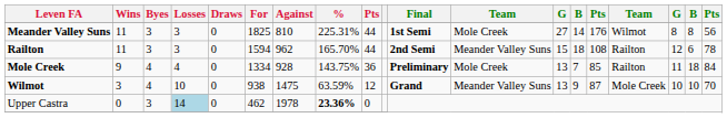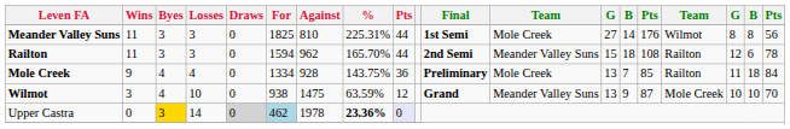 <table class="wikitable">
 <tr>
 <th style="color:crimson">Leven FA</th>
 <th style="color:crimson">Wins</th>
 <th style="color:crimson">Byes</th>
 <th style="color:crimson">Losses</th>
 <th style="color:crimson">Draws</th>
 <th style="color:crimson">For</th>
 <th style="color:crimson">Against</th>
 <th style="color:crimson">%</th>
 <th style="color:crimson">Pts</th>
 <th></th>
 <th style="color:green">Final</th>
 <th style="color:green">Team</th>
 <th style="color:green">G</th>
 <th style="color:green">B</th>
 <th style="color:green">Pts</th>
 <th style="color:green">Team</th>
 <th style="color:green">G</th>
 <th style="color:green">B</th>
 <th style="color:green">Pts</th>
 </tr>
 <tr>
 </tr>
 <tr>
 </tr>
 <tr>
 <td><strong>	Meander Valley Suns	</strong></td>
 <td>11</td>
 <td>3</td>
 <td>3</td>
 <td>0</td>
 <td>1825</td>
 <td>810</td>
 <td>225.31%</td>
 <td>44</td>
 <td></td>
 <td><strong>1st Semi</strong></td>
 <td>Mole Creek</td>
 <td>27</td>
 <td>14</td>
 <td>176</td>
 <td>Wilmot</td>
 <td>8</td>
 <td>8</td>
 <td>56</td>
 </tr>
 <tr>
 <td><strong>	Railton	</strong></td>
 <td>11</td>
 <td>3</td>
 <td>3</td>
 <td>0</td>
 <td>1594</td>
 <td>962</td>
 <td>165.70%</td>
 <td>44</td>
 <td></td>
 <td><strong>2nd Semi</strong></td>
 <td>Meander Valley Suns</td>
 <td>15</td>
 <td>18</td>
 <td>108</td>
 <td>Railton</td>
 <td>12</td>
 <td>6</td>
 <td>78</td>
 </tr>
 <tr>
 <td><strong>	Mole Creek	</strong></td>
 <td>9</td>
 <td>4</td>
 <td>4</td>
 <td>0</td>
 <td>1334</td>
 <td>928</td>
 <td>143.75%</td>
 <td>36</td>
 <td></td>
 <td><strong>Preliminary</strong></td>
 <td>Mole Creek</td>
 <td>13</td>
 <td>7</td>
 <td>85</td>
 <td>Railton</td>
 <td>11</td>
 <td>18</td>
 <td>84</td>
 </tr>
 <tr>
 <td><strong>	Wilmot	</strong></td>
 <td>3</td>
 <td>4</td>
 <td>10</td>
 <td>0</td>
 <td>938</td>
 <td>1475</td>
 <td>63.59%</td>
 <td>12</td>
 <td></td>
 <td><strong>Grand</strong></td>
 <td>Meander Valley Suns</td>
 <td>13</td>
 <td>9</td>
 <td>87</td>
 <td>Mole Creek</td>
 <td>10</td>
 <td>10</td>
 <td>70</td>
 </tr>
 <tr>
 <td>Upper Castra</td>
 <td>0</td>
-<td>3</td>
-<td style="background: lightblue;">14</td>
-<td>0</td>
-<td>462</td>
+<td style="background: gold;">3</td>
+<td>14</td>
+<td style="background: lightgrey;">0</td>
+<td style="background: lightblue;">462</td>
 <td>1978</td>
 <td><strong>23.36%</strong></td>
-<td>0</td>
+<td style="background: lavender;">0</td>
 <td></td>
 </tr>
 <tr>
 </tr>
 </table>
